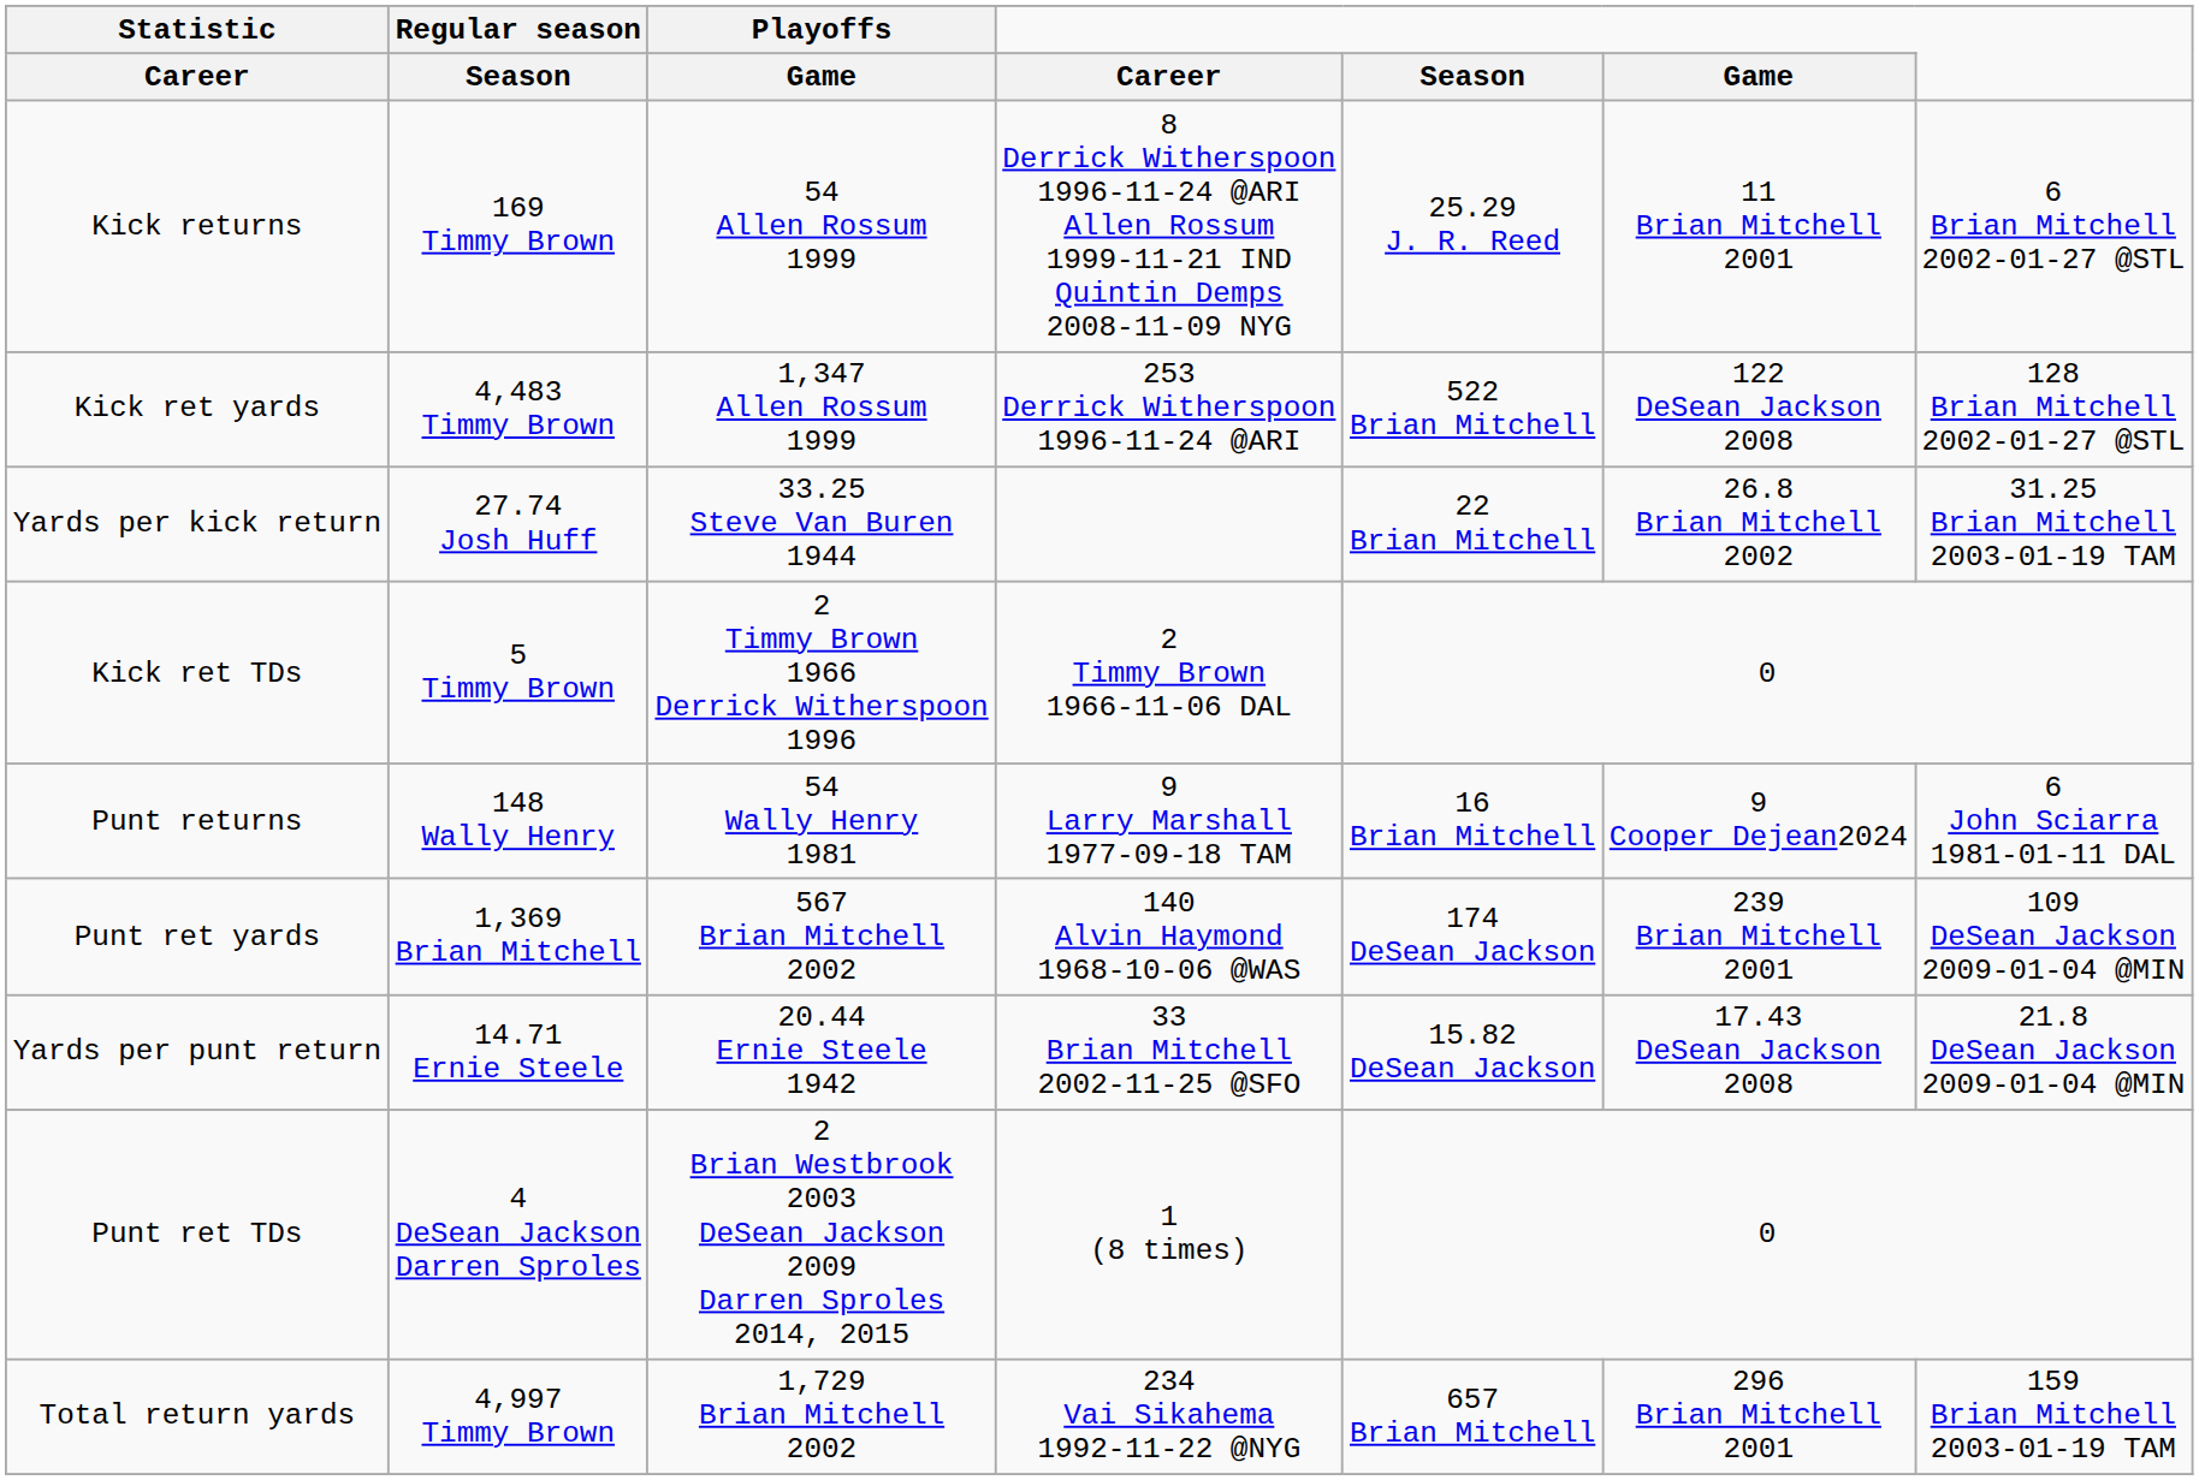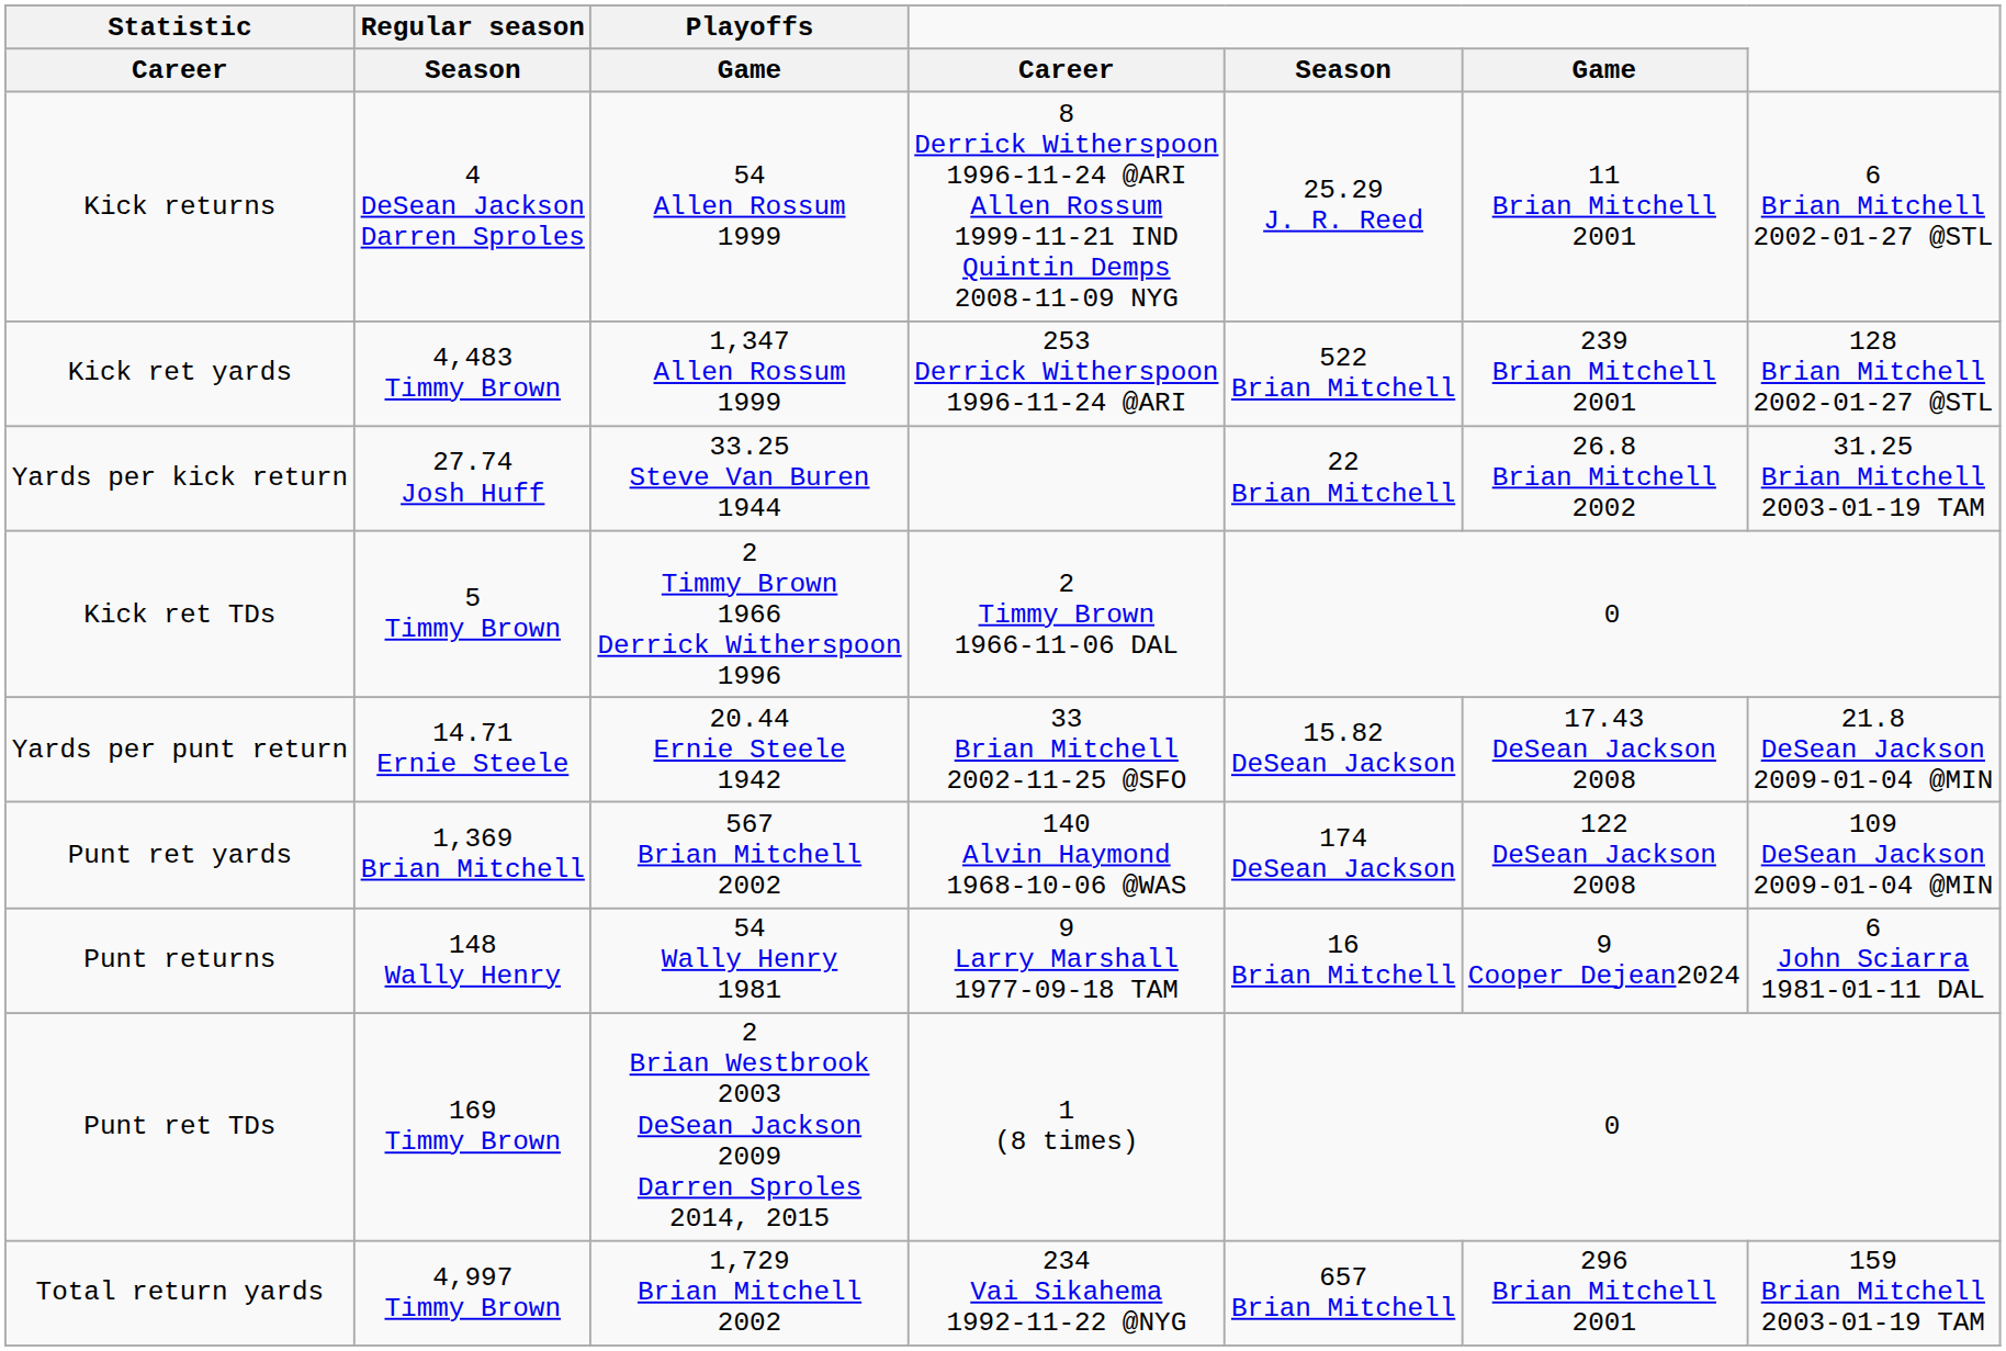 <table class="wikitable" style="text-align:center">
 <tr>
 <th>Statistic</th>
 <th>Regular season</th>
 <th>Playoffs</th>
 </tr>
 <tr>
 <th>Career</th>
 <th>Season</th>
 <th>Game</th>
 <th>Career</th>
 <th>Season</th>
 <th>Game</th>
 </tr>
 <tr>
 <td>Kick returns</td>
-<td>169<br><a href='#'>Timmy Brown</a></td>
+<td>4<br><a href='#'>DeSean Jackson</a><br><a href='#'>Darren Sproles</a></td>
 <td>54<br><a href='#'>Allen Rossum</a><br>1999</td>
 <td>8<br><a href='#'>Derrick Witherspoon</a><br>1996-11-24 @ARI<br><a href='#'>Allen Rossum</a><br>1999-11-21 IND<br><a href='#'>Quintin Demps</a><br>2008-11-09 NYG</td>
 <td>25.29<br><a href='#'>J. R. Reed</a></td>
 <td>11<br><a href='#'>Brian Mitchell</a><br>2001</td>
 <td>6<br><a href='#'>Brian Mitchell</a><br>2002-01-27 @STL</td>
 </tr>
 <tr>
 <td>Kick ret yards</td>
 <td>4,483<br><a href='#'>Timmy Brown</a></td>
 <td>1,347<br><a href='#'>Allen Rossum</a><br>1999</td>
 <td>253<br><a href='#'>Derrick Witherspoon</a><br>1996-11-24 @ARI</td>
 <td>522<br><a href='#'>Brian Mitchell</a></td>
-<td>122<br><a href='#'>DeSean Jackson</a><br>2008</td>
+<td>239<br><a href='#'>Brian Mitchell</a><br>2001</td>
 <td>128<br><a href='#'>Brian Mitchell</a><br>2002-01-27 @STL</td>
 </tr>
 <tr>
 <td>Yards per kick return</td>
 <td>27.74<br><a href='#'>Josh Huff</a></td>
 <td>33.25<br><a href='#'>Steve Van Buren</a><br>1944</td>
 <td></td>
 <td>22<br><a href='#'>Brian Mitchell</a></td>
 <td>26.8<br><a href='#'>Brian Mitchell</a><br>2002</td>
 <td>31.25<br><a href='#'>Brian Mitchell</a><br>2003-01-19 TAM</td>
 </tr>
 <tr>
 <td>Kick ret TDs</td>
 <td>5<br><a href='#'>Timmy Brown</a></td>
 <td>2<br><a href='#'>Timmy Brown</a><br>1966<br><a href='#'>Derrick Witherspoon</a><br>1996</td>
 <td>2<br><a href='#'>Timmy Brown</a><br>1966-11-06 DAL</td>
 <td colspan=3>0</td>
 </tr>
 <tr>
+<td>Yards per punt return</td>
+<td>14.71<br><a href='#'>Ernie Steele</a></td>
+<td>20.44<br><a href='#'>Ernie Steele</a><br>1942</td>
+<td>33<br><a href='#'>Brian Mitchell</a><br>2002-11-25 @SFO</td>
+<td>15.82<br><a href='#'>DeSean Jackson</a></td>
+<td>17.43<br><a href='#'>DeSean Jackson</a><br>2008</td>
+<td>21.8<br><a href='#'>DeSean Jackson</a><br>2009-01-04 @MIN</td>
+</tr>
+<tr>
+<td>Punt ret yards</td>
+<td>1,369<br><a href='#'>Brian Mitchell</a></td>
+<td>567<br><a href='#'>Brian Mitchell</a><br>2002</td>
+<td>140<br><a href='#'>Alvin Haymond</a><br>1968-10-06 @WAS</td>
+<td>174<br><a href='#'>DeSean Jackson</a></td>
+<td>122<br><a href='#'>DeSean Jackson</a><br>2008</td>
+<td>109<br><a href='#'>DeSean Jackson</a><br>2009-01-04 @MIN</td>
+</tr>
+<tr>
 <td>Punt returns</td>
 <td>148<br><a href='#'>Wally Henry</a></td>
 <td>54<br><a href='#'>Wally Henry</a><br>1981</td>
 <td>9<br><a href='#'>Larry Marshall</a><br>1977-09-18 TAM</td>
 <td>16<br><a href='#'>Brian Mitchell</a></td>
 <td>9<br><a href='#'>Cooper Dejean</a>2024</td>
 <td>6<br><a href='#'>John Sciarra</a><br>1981-01-11 DAL</td>
 </tr>
 <tr>
-<td>Punt ret yards</td>
-<td>1,369<br><a href='#'>Brian Mitchell</a></td>
-<td>567<br><a href='#'>Brian Mitchell</a><br>2002</td>
-<td>140<br><a href='#'>Alvin Haymond</a><br>1968-10-06 @WAS</td>
-<td>174<br><a href='#'>DeSean Jackson</a></td>
-<td>239<br><a href='#'>Brian Mitchell</a><br>2001</td>
-<td>109<br><a href='#'>DeSean Jackson</a><br>2009-01-04 @MIN</td>
-</tr>
-<tr>
-<td>Yards per punt return</td>
-<td>14.71<br><a href='#'>Ernie Steele</a></td>
-<td>20.44<br><a href='#'>Ernie Steele</a><br>1942</td>
-<td>33<br><a href='#'>Brian Mitchell</a><br>2002-11-25 @SFO</td>
-<td>15.82<br><a href='#'>DeSean Jackson</a></td>
-<td>17.43<br><a href='#'>DeSean Jackson</a><br>2008</td>
-<td>21.8<br><a href='#'>DeSean Jackson</a><br>2009-01-04 @MIN</td>
-</tr>
-<tr>
 <td>Punt ret TDs</td>
-<td>4<br><a href='#'>DeSean Jackson</a><br><a href='#'>Darren Sproles</a></td>
+<td>169<br><a href='#'>Timmy Brown</a></td>
 <td>2<br><a href='#'>Brian Westbrook</a><br>2003<br><a href='#'>DeSean Jackson</a><br>2009<br><a href='#'>Darren Sproles</a><br>2014, 2015</td>
 <td>1<br>(8 times)</td>
 <td colspan=3>0</td>
 </tr>
 <tr>
 <td>Total return yards</td>
 <td>4,997<br><a href='#'>Timmy Brown</a></td>
 <td>1,729<br><a href='#'>Brian Mitchell</a><br>2002</td>
 <td>234<br><a href='#'>Vai Sikahema</a><br>1992-11-22 @NYG</td>
 <td>657<br><a href='#'>Brian Mitchell</a></td>
 <td>296<br><a href='#'>Brian Mitchell</a><br>2001</td>
 <td>159<br><a href='#'>Brian Mitchell</a><br>2003-01-19 TAM</td>
 </tr>
 </table>
